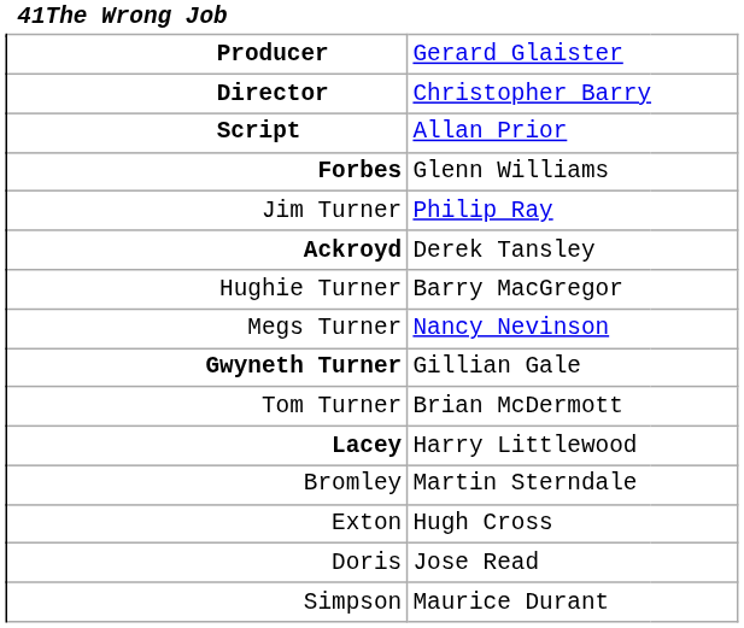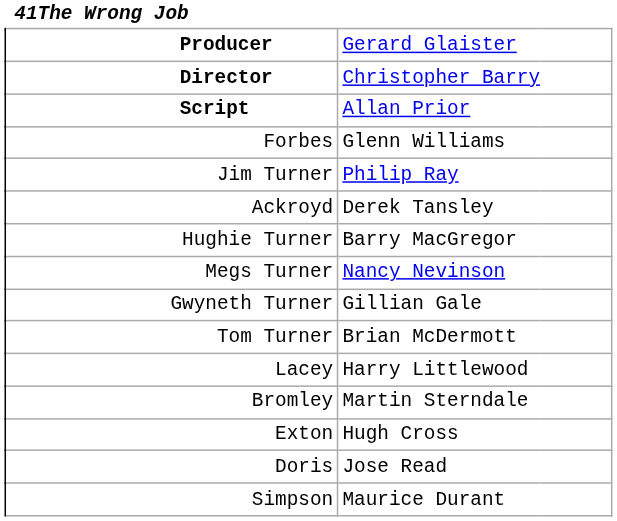 <table class="wikitable mw-collapsible mw-collapsed" style="vertical-align:top;margin:auto 2em;line-height:1.2;min-width:33em;display: inline-table;background-color:inherit;border:none;">
 <tr>
 <td class=unsortable style="border:hidden;line-height:1.67;text-align:center;margin-left:-1em;padding-left:0.5em;min-width:1.0em;"></td>
 <td class=unsortable style="border:none;padding-left:0.5em;text-align:left;min-width:16.5em;font-weight:700;font-style:italic;">41The Wrong Job</td>
 <td class=unsortable style="border:none;text-align:right;font-weight:normal;font-family:Courier;font-size:95%;letter-spacing:-1pt;min-width:8.5em;padding-right:0.2em;"></td>
 <td class=unsortable style="border:hidden;min-width:3.5em;padding-left:0;"></td>
 <td class=unsortable style="border:hidden;min-width:3.5em;font-size:95%;"></td>
 </tr>
 <tr>
 <td rowspan=100 style="border:none thin;border-right-style :solid;"></td>
 </tr>
 <tr>
 <td style="text-align:left;padding-left:9.0em;font-weight:bold;">Producer</td>
 <td colspan=2><a href='#'>Gerard Glaister</a></td>
 </tr>
 <tr>
 <td style="text-align:left;padding-left:9.0em;font-weight:bold;">Director</td>
 <td colspan=2><a href='#'>Christopher Barry</a></td>
 </tr>
 <tr>
 <td style="text-align:left;padding-left:9.0em;font-weight:bold;">Script</td>
 <td colspan=2><a href='#'>Allan Prior</a></td>
 </tr>
 <tr>
-<td style="text-align:right;"><strong>Forbes</strong></td>
+<td style="text-align:right;">Forbes</td>
 <td colspan=2>Glenn Williams</td>
 </tr>
 <tr>
 <td style="text-align:right;">Jim Turner</td>
 <td colspan=2><a href='#'>Philip Ray</a></td>
 </tr>
 <tr>
-<td style="text-align:right;"><strong>Ackroyd</strong></td>
+<td style="text-align:right;">Ackroyd</td>
 <td colspan=2>Derek Tansley</td>
 </tr>
 <tr>
 <td style="text-align:right;">Hughie Turner</td>
 <td colspan=2>Barry MacGregor</td>
 </tr>
 <tr>
 <td style="text-align:right;">Megs Turner</td>
 <td colspan=2><a href='#'>Nancy Nevinson</a></td>
 </tr>
 <tr>
-<td style="text-align:right;"><strong>Gwyneth Turner</strong></td>
+<td style="text-align:right;">Gwyneth Turner</td>
 <td colspan=2>Gillian Gale</td>
 </tr>
 <tr>
 <td style="text-align:right;">Tom Turner</td>
 <td colspan=2>Brian McDermott</td>
 </tr>
 <tr>
-<td style="text-align:right;"><strong>Lacey</strong></td>
+<td style="text-align:right;">Lacey</td>
 <td colspan=2>Harry Littlewood</td>
 </tr>
 <tr>
 <td style="text-align:right;">Bromley</td>
 <td colspan=2>Martin Sterndale</td>
 </tr>
 <tr>
 <td style="text-align:right;">Exton</td>
 <td colspan=2>Hugh Cross</td>
 </tr>
 <tr>
 <td style="text-align:right;">Doris</td>
 <td colspan=2>Jose Read</td>
 </tr>
 <tr>
 <td style="text-align:right;">Simpson</td>
 <td colspan=2>Maurice Durant</td>
 </tr>
 </table>
